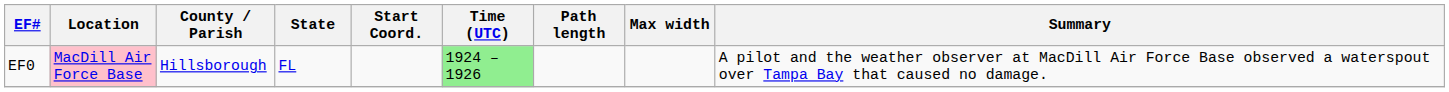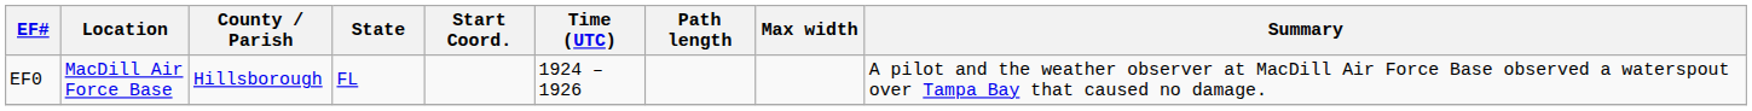 <table class="wikitable sortable" style="width:100%;">
 <tr>
 <th scope="col" width="3%" align="center"><a href='#'>EF#</a></th>
 <th scope="col" width="7%" align="center" class="unsortable">Location</th>
 <th scope="col" width="6%" align="center" class="unsortable">County / Parish</th>
 <th scope="col" width="5%" align="center">State</th>
 <th scope="col" width="6%" align="center">Start Coord.</th>
 <th scope="col" width="6%" align="center">Time (<a href='#'>UTC</a>)</th>
 <th scope="col" width="6%" align="center">Path length</th>
 <th scope="col" width="6%" align="center">Max width</th>
 <th scope="col" width="48%" class="unsortable" align="center">Summary</th>
 </tr>
 <tr>
 <td>EF0</td>
-<td style="background: pink;"><a href='#'>MacDill Air Force Base</a></td>
+<td><a href='#'>MacDill Air Force Base</a></td>
 <td><a href='#'>Hillsborough</a></td>
 <td><a href='#'>FL</a></td>
 <td></td>
-<td style="background: lightgreen;">1924 – 1926</td>
+<td>1924 – 1926</td>
 <td></td>
 <td></td>
 <td>A pilot and the weather observer at MacDill Air Force Base observed a waterspout over <a href='#'>Tampa Bay</a> that caused no damage.</td>
 </tr>
 <tr>
 </tr>
 </table>
